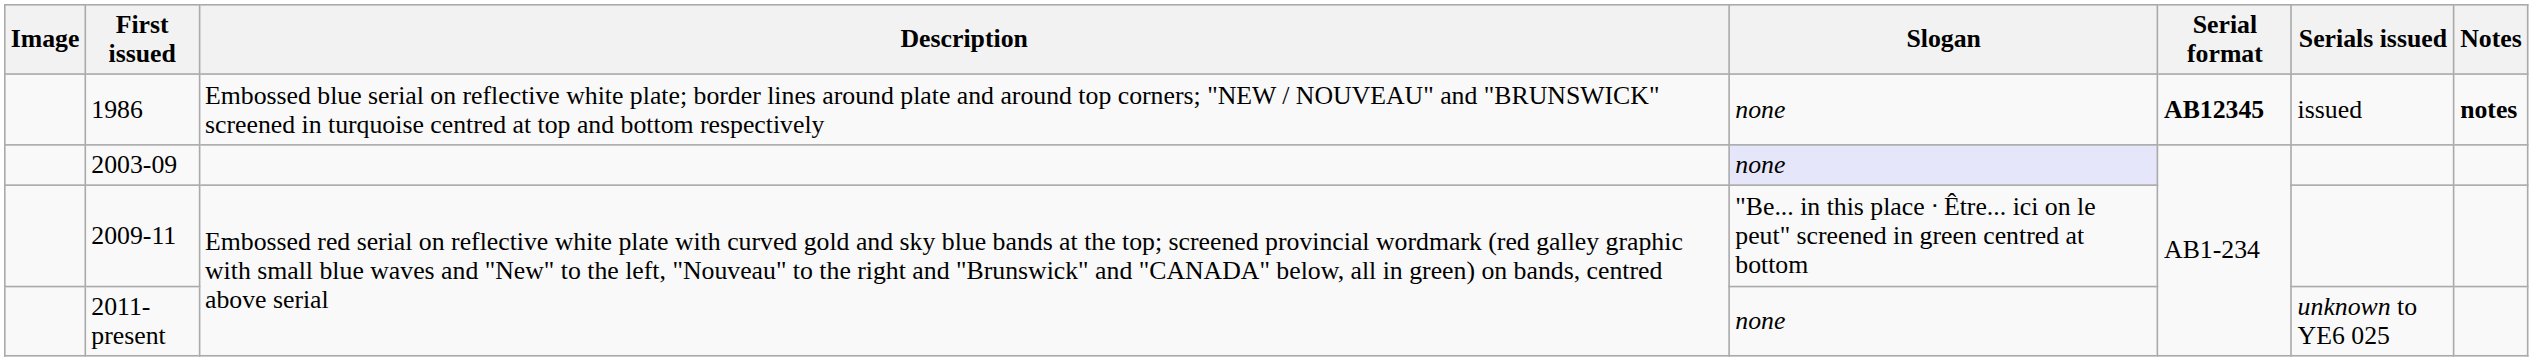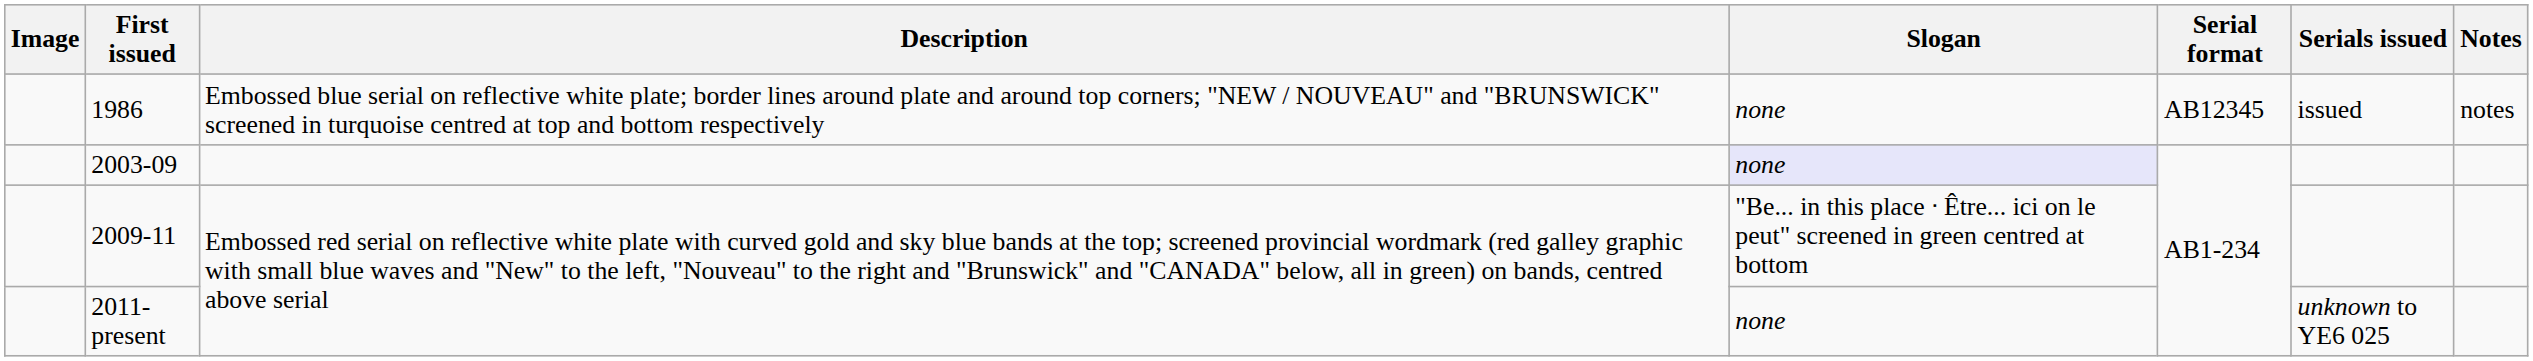 <table class="wikitable">
 <tr>
 <th>Image</th>
 <th>First issued</th>
 <th>Description</th>
 <th>Slogan</th>
 <th>Serial format</th>
 <th>Serials issued</th>
 <th>Notes</th>
 </tr>
 <tr>
 <td></td>
 <td>1986</td>
 <td>Embossed blue serial on reflective white plate; border lines around plate and around top corners; "NEW / NOUVEAU" and "BRUNSWICK" screened in turquoise centred at top and bottom respectively</td>
 <td><em>none</em></td>
-<td><strong>AB12345</strong></td>
+<td>AB12345</td>
 <td>issued</td>
-<td><strong>notes</strong></td>
+<td>notes</td>
 </tr>
 <tr>
 <td></td>
 <td>2003-09</td>
 <td></td>
 <td style="background: lavender;"><em>none</em></td>
 <td rowspan="3">AB1-234</td>
 <td></td>
 <td></td>
 </tr>
 <tr>
 <td></td>
 <td>2009-11</td>
 <td rowspan="2">Embossed red serial on reflective white plate with curved gold and sky blue bands at the top; screened provincial wordmark (red galley graphic with small blue waves and "New" to the left, "Nouveau" to the right and "Brunswick" and "CANADA" below, all in green) on bands, centred above serial</td>
 <td>"Be... in this place  ᐧ  Être... ici on le peut" screened in green centred at bottom</td>
 <td></td>
 <td></td>
 </tr>
 <tr>
 <td></td>
 <td>2011-present</td>
 <td><em>none</em></td>
 <td><em>unknown</em> to YE6 025 </td>
 <td></td>
 </tr>
 </table>
